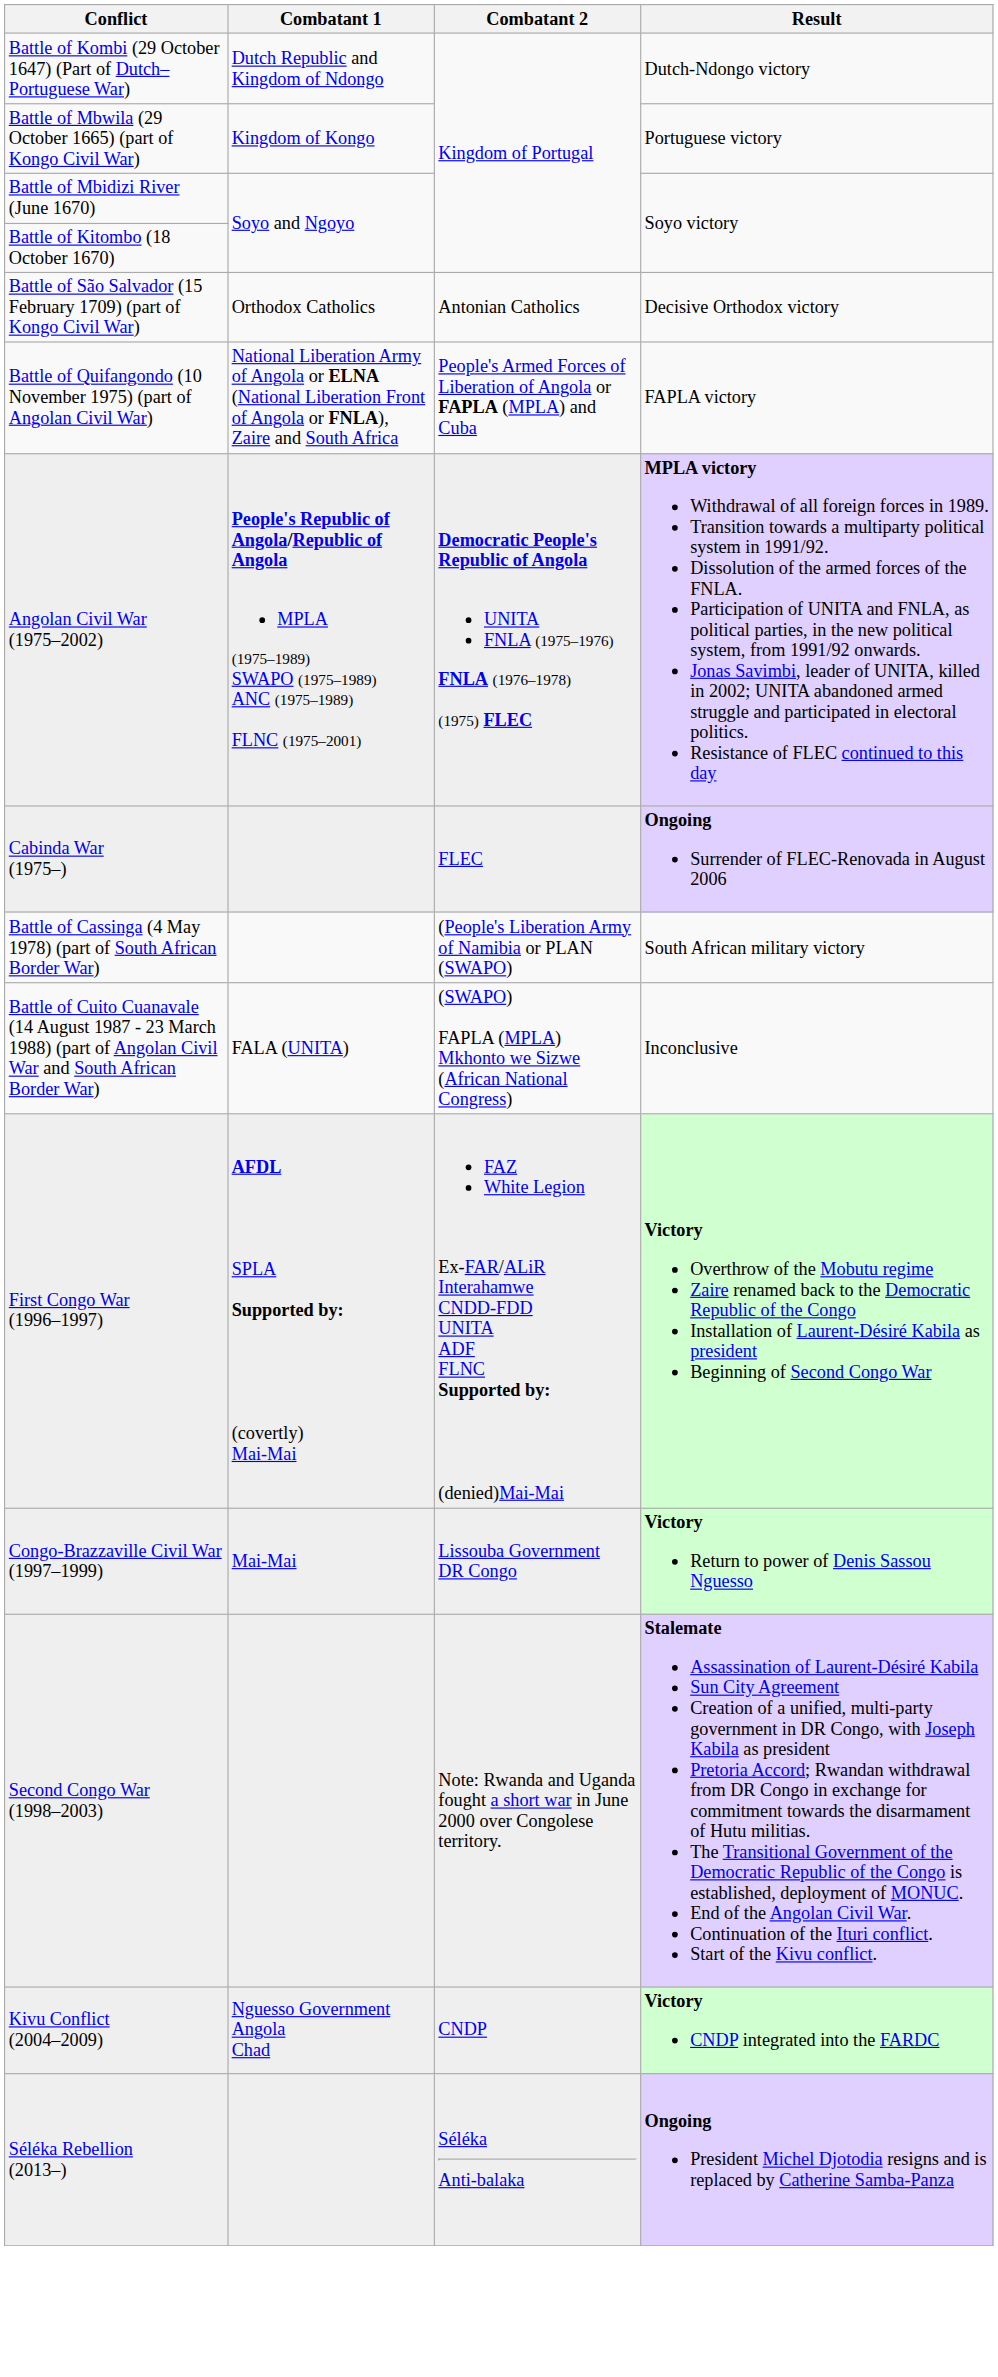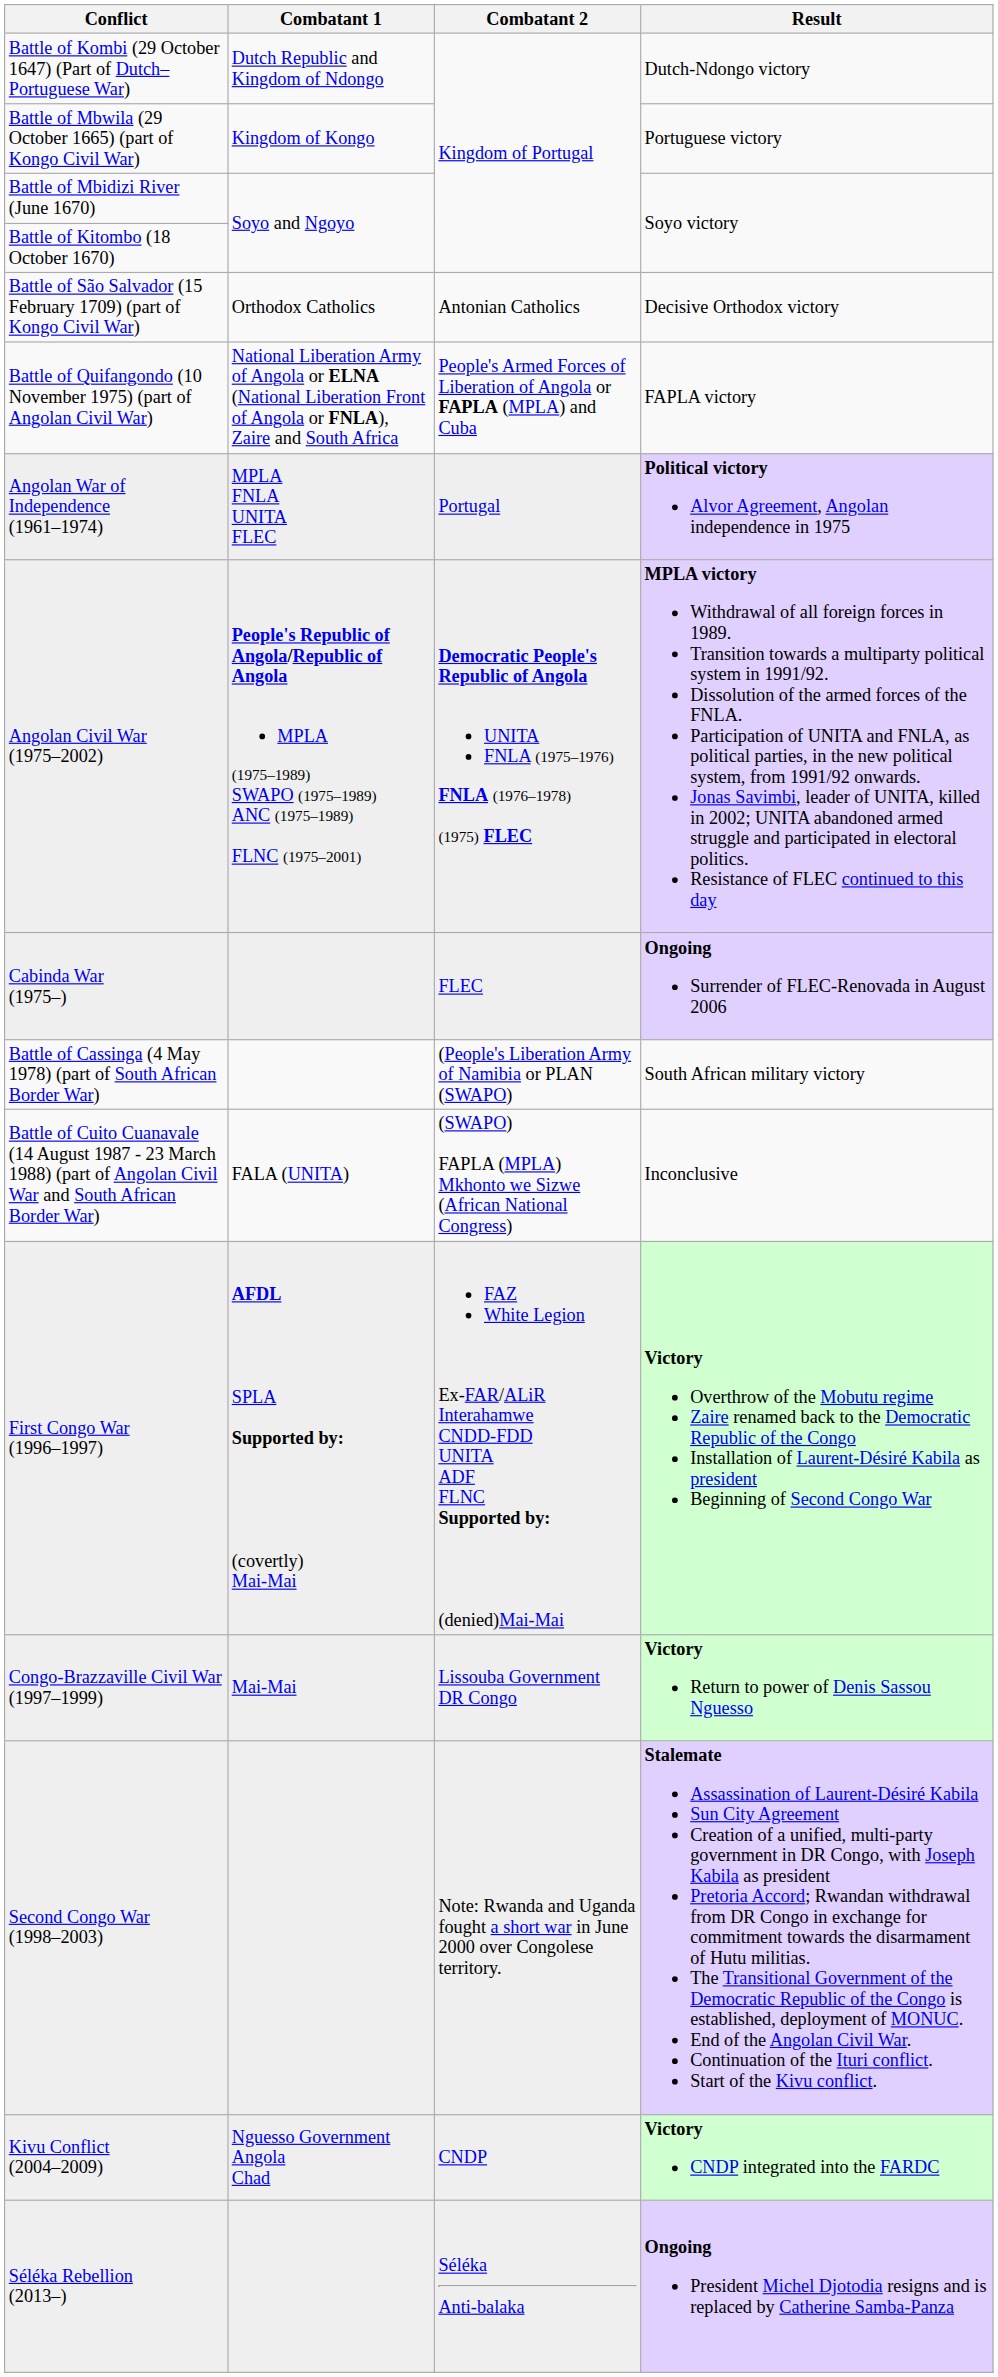 <table class="wikitable">
 <tr>
 <th width="190">Conflict</th>
 <th width="175">Combatant 1</th>
 <th width="175">Combatant 2</th>
 <th width="305">Result</th>
 </tr>
 <tr>
 <td><a href='#'>Battle of Kombi</a> (29 October 1647) (Part of <a href='#'>Dutch–Portuguese War</a>)</td>
 <td><a href='#'>Dutch Republic</a> and <a href='#'>Kingdom of Ndongo</a></td>
 <td rowspan="4"><a href='#'>Kingdom of Portugal</a></td>
 <td>Dutch-Ndongo victory</td>
 </tr>
 <tr>
 <td><a href='#'>Battle of Mbwila</a> (29 October 1665) (part of <a href='#'>Kongo Civil War</a>)</td>
 <td><a href='#'>Kingdom of Kongo</a></td>
 <td>Portuguese victory</td>
 </tr>
 <tr>
 <td><a href='#'>Battle of Mbidizi River</a> (June 1670)</td>
 <td rowspan="2"><a href='#'>Soyo</a> and <a href='#'>Ngoyo</a></td>
 <td rowspan="2">Soyo victory</td>
 </tr>
 <tr>
 <td><a href='#'>Battle of Kitombo</a> (18 October 1670)</td>
 </tr>
 <tr>
 <td><a href='#'>Battle of São Salvador</a> (15 February 1709) (part of <a href='#'>Kongo Civil War</a>)</td>
 <td>Orthodox Catholics</td>
 <td>Antonian Catholics</td>
 <td>Decisive Orthodox victory</td>
 </tr>
 <tr>
 <td><a href='#'>Battle of Quifangondo</a> (10 November 1975) (part of <a href='#'>Angolan Civil War</a>)</td>
 <td><a href='#'>National Liberation Army of Angola</a> or <strong>ELNA</strong> (<a href='#'>National Liberation Front of Angola</a> or <strong>FNLA</strong>), <a href='#'>Zaire</a> and <a href='#'>South Africa</a></td>
 <td><a href='#'>People's Armed Forces of Liberation of Angola</a> or <strong>FAPLA</strong> (<a href='#'>MPLA</a>) and <a href='#'>Cuba</a></td>
 <td>FAPLA victory</td>
+</tr>
+<tr>
+<td style="background:#efefef"><a href='#'>Angolan War of Independence</a><br>(1961–1974)</td>
+<td style="background:#efefef"> <a href='#'>MPLA</a> <br>  <a href='#'>FNLA</a> <br> <a href='#'>UNITA</a><br> <a href='#'>FLEC</a></td>
+<td style="background:#efefef"> <a href='#'>Portugal</a><br></td>
+<td style="background:#E0D0FF"><strong>Political victory</strong><br><ul><li><a href='#'>Alvor Agreement</a>, <a href='#'>Angolan</a> independence in 1975</li></ul></td>
 </tr>
 <tr>
 <td style="background:#efefef"><a href='#'>Angolan Civil War</a><br>(1975–2002)</td>
 <td style="background:#efefef"><strong> <a href='#'>People's Republic of Angola</a>/<a href='#'>Republic of Angola</a></strong><br><br><ul><li> <a href='#'>MPLA</a></li></ul> <small>(1975–1989)</small><br>  <a href='#'>SWAPO</a> <small>(1975–1989)</small><br>  <a href='#'>ANC</a> <small>(1975–1989)</small><br> <br>  <a href='#'>FLNC</a> <small>(1975–2001)</small><br>  </td>
 <td style="background:#efefef"><strong> <a href='#'>Democratic People's Republic of Angola</a></strong><br><br><ul><li> <a href='#'>UNITA</a></li><li> <a href='#'>FNLA</a> <small>(1975–1976)</small></li></ul><strong> <a href='#'>FNLA</a></strong> <small>(1976–1978)</small><br> <br>  <small>(1975)</small><strong> <a href='#'>FLEC</a></strong></td>
 <td style="background:#E0D0FF"><strong>MPLA victory</strong><br><ul><li>Withdrawal of all foreign forces in 1989.</li><li>Transition towards a multiparty political system in 1991/92.</li><li>Dissolution of the armed forces of the FNLA.</li><li>Participation of UNITA and FNLA, as political parties, in the new political system, from 1991/92 onwards.</li><li><a href='#'>Jonas Savimbi</a>, leader of UNITA, killed in 2002; UNITA abandoned armed struggle and participated in electoral politics.</li><li>Resistance of FLEC <a href='#'>continued to this day</a></li></ul></td>
 </tr>
 <tr>
 <td style="background:#efefef"><a href='#'>Cabinda War</a><br>(1975–)</td>
 <td style="background:#efefef"><br></td>
 <td style="background:#efefef"> <a href='#'>FLEC</a></td>
 <td style="background:#E0D0FF"><strong>Ongoing</strong><br><ul><li>Surrender of FLEC-Renovada in August 2006</li></ul></td>
 </tr>
 <tr>
 <td><a href='#'>Battle of Cassinga</a> (4 May 1978) (part of <a href='#'>South African Border War</a>)</td>
 <td></td>
 <td> (<a href='#'>People's Liberation Army of Namibia</a> or PLAN (<a href='#'>SWAPO</a>)<br></td>
 <td>South African military victory</td>
 </tr>
 <tr>
 <td><a href='#'>Battle of Cuito Cuanavale</a> (14 August 1987 - 23 March 1988) (part of <a href='#'>Angolan Civil War</a> and <a href='#'>South African Border War</a>)</td>
 <td> FALA (<a href='#'>UNITA</a>)<br></td>
 <td> (<a href='#'>SWAPO</a>)<br><br> FAPLA (<a href='#'>MPLA</a>)<br><a href='#'>Mkhonto we Sizwe</a> (<a href='#'>African National Congress</a>)</td>
 <td>Inconclusive</td>
 </tr>
 <tr>
 <td style="background:#efefef"><a href='#'>First Congo War</a><br>(1996–1997)</td>
 <td style="background:#efefef"> <strong><a href='#'>AFDL</a></strong><br><br><br><br><br> <a href='#'>SPLA</a><br><br><strong>Supported by:</strong><br><br><br><br><br><br> (covertly)<br><a href='#'>Mai-Mai</a></td>
 <td style="background:#efefef"><strong></strong><br><ul><li><a href='#'>FAZ</a></li><li><a href='#'>White Legion</a></li></ul><br><br> Ex-<a href='#'>FAR</a>/<a href='#'>ALiR</a><br> <a href='#'>Interahamwe</a><br> <a href='#'>CNDD-FDD</a><br> <a href='#'>UNITA</a><br> <a href='#'>ADF</a><br> <a href='#'>FLNC</a><br><strong>Supported by:</strong><br><br><br><br><br> (denied)<a href='#'>Mai-Mai</a></td>
 <td style="background:#D0FFD0"><strong>Victory</strong><br><ul><li>Overthrow of the <a href='#'>Mobutu regime</a></li><li><a href='#'>Zaire</a> renamed back to the <a href='#'>Democratic Republic of the Congo</a></li><li>Installation of <a href='#'>Laurent-Désiré Kabila</a> as <a href='#'>president</a></li><li>Beginning of <a href='#'>Second Congo War</a></li></ul></td>
 </tr>
 <tr>
 <td style="background:#efefef"><a href='#'>Congo-Brazzaville Civil War</a><br>(1997–1999)</td>
 <td style="background:#efefef"><br> <a href='#'>Mai-Mai</a><br><br></td>
 <td style="background:#efefef"> <a href='#'>Lissouba Government</a><br> <a href='#'>DR Congo</a></td>
 <td style="background:#D0FFD0"><strong>Victory</strong><br><ul><li>Return to power of <a href='#'>Denis Sassou Nguesso</a></li></ul></td>
 </tr>
 <tr>
 <td style="background:#efefef"><a href='#'>Second Congo War</a><br>(1998–2003)</td>
 <td style="background:#efefef"></td>
 <td style="background:#efefef"><br>Note: Rwanda and Uganda fought <a href='#'>a short war</a> in June 2000 over Congolese territory.</td>
 <td style="background:#E0D0FF" width="290"><strong>Stalemate</strong><br><ul><li><a href='#'>Assassination of Laurent-Désiré Kabila</a></li><li><a href='#'>Sun City Agreement</a></li><li>Creation of a unified, multi-party government in DR Congo, with <a href='#'>Joseph Kabila</a> as president</li><li><a href='#'>Pretoria Accord</a>; Rwandan withdrawal from DR Congo in exchange for commitment towards the disarmament of Hutu militias.</li><li>The <a href='#'>Transitional Government of the Democratic Republic of the Congo</a> is established, deployment of <a href='#'>MONUC</a>.</li><li>End of the <a href='#'>Angolan Civil War</a>.</li><li>Continuation of the <a href='#'>Ituri conflict</a>.</li><li>Start of the <a href='#'>Kivu conflict</a>.</li></ul></td>
 </tr>
 <tr>
 <td style="background:#efefef"><a href='#'>Kivu Conflict</a><br>(2004–2009)</td>
 <td style="background:#efefef"> <a href='#'>Nguesso Government</a><br> <a href='#'>Angola</a><br> <a href='#'>Chad</a></td>
 <td style="background:#efefef"> <a href='#'>CNDP</a></td>
 <td style="background:#D0FFD0"><strong>Victory</strong><br><ul><li><a href='#'>CNDP</a> integrated into the <a href='#'>FARDC</a></li></ul></td>
 </tr>
 <tr>
 <td style="background:#efefef"><a href='#'>Séléka Rebellion</a><br>(2013–)</td>
 <td style="background:#efefef"><br><br><br><br><br><br><br><br></td>
 <td style="background:#efefef"> <a href='#'>Séléka</a><hr> <a href='#'>Anti-balaka</a></td>
 <td style="background:#E0D0FF"><strong>Ongoing</strong><br><ul><li>President <a href='#'>Michel Djotodia</a> resigns and is replaced by <a href='#'>Catherine Samba-Panza</a></li></ul></td>
 </tr>
 </table>
